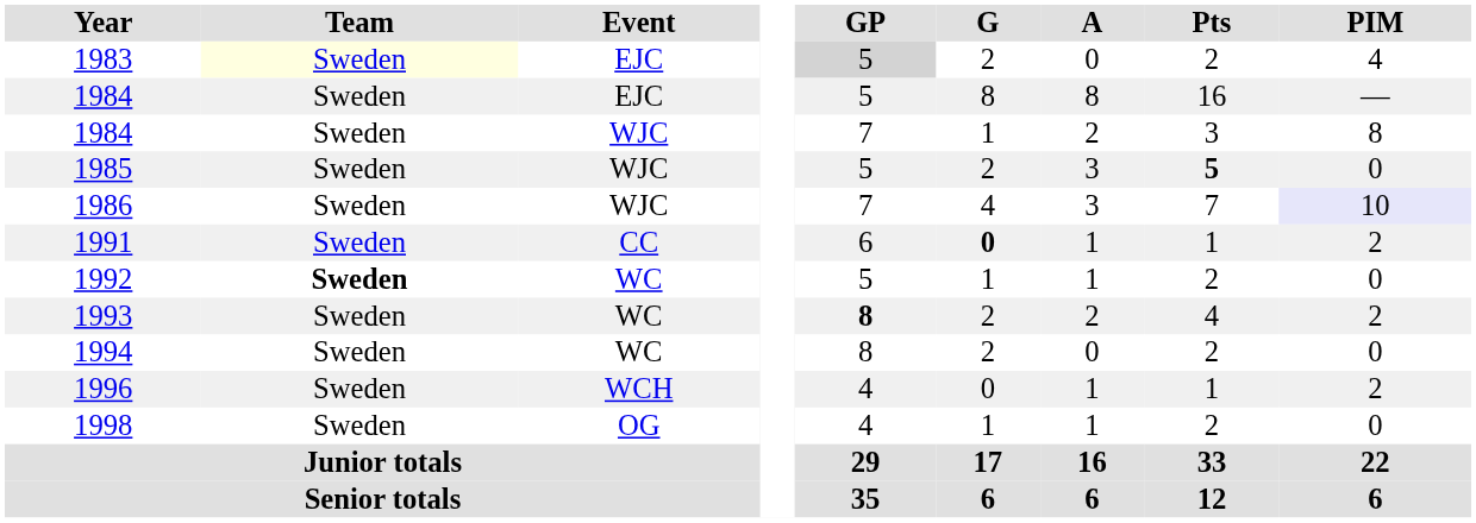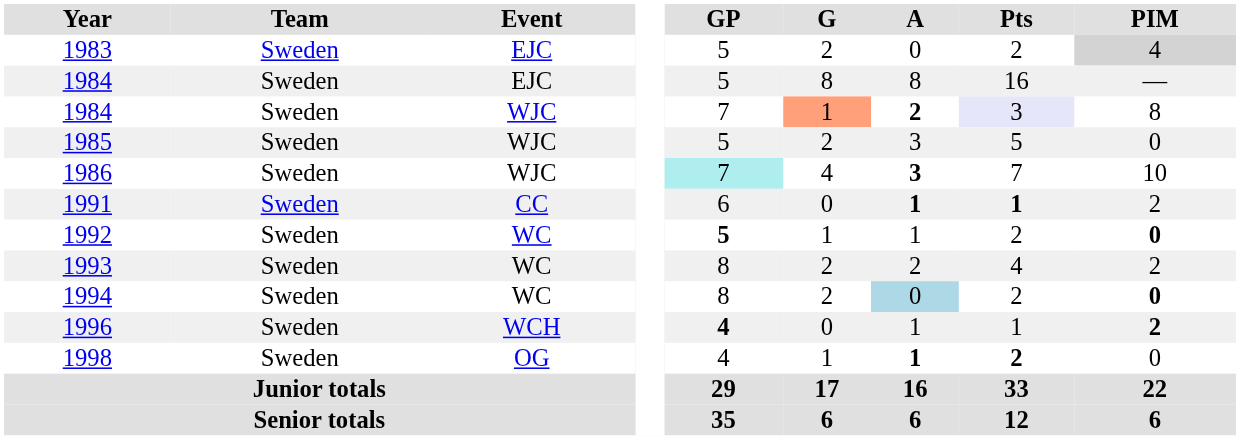 <table border="0" cellpadding="1" cellspacing="0" style="text-align:center; width:50em">
 <tr ALIGN="center" bgcolor="#e0e0e0">
 <th>Year</th>
 <th>Team</th>
 <th>Event</th>
 <th rowspan="99" bgcolor="#ffffff"> </th>
 <th>GP</th>
 <th>G</th>
 <th>A</th>
 <th>Pts</th>
 <th>PIM</th>
 </tr>
 <tr>
 <td><a href='#'>1983</a></td>
-<td style="background: lightyellow;"><a href='#'>Sweden</a></td>
+<td><a href='#'>Sweden</a></td>
 <td><a href='#'>EJC</a></td>
-<td style="background: lightgrey;">5</td>
+<td>5</td>
 <td>2</td>
 <td>0</td>
 <td>2</td>
-<td>4</td>
+<td style="background: lightgrey;">4</td>
 </tr>
 <tr bgcolor="#f0f0f0">
 <td><a href='#'>1984</a></td>
 <td>Sweden</td>
 <td>EJC</td>
 <td>5</td>
 <td>8</td>
 <td>8</td>
 <td>16</td>
 <td>—</td>
 </tr>
 <tr>
 <td><a href='#'>1984</a></td>
 <td>Sweden</td>
 <td><a href='#'>WJC</a></td>
 <td>7</td>
-<td>1</td>
-<td>2</td>
-<td>3</td>
+<td style="background: lightsalmon;">1</td>
+<td><strong>2</strong></td>
+<td style="background: lavender;">3</td>
 <td>8</td>
 </tr>
 <tr bgcolor="#f0f0f0">
 <td><a href='#'>1985</a></td>
 <td>Sweden</td>
 <td>WJC</td>
 <td>5</td>
 <td>2</td>
 <td>3</td>
-<td><strong>5</strong></td>
+<td>5</td>
 <td>0</td>
 </tr>
 <tr>
 <td><a href='#'>1986</a></td>
 <td>Sweden</td>
 <td>WJC</td>
+<td style="background: paleturquoise;">7</td>
+<td>4</td>
+<td><strong>3</strong></td>
 <td>7</td>
-<td>4</td>
-<td>3</td>
-<td>7</td>
-<td style="background: lavender;">10</td>
+<td>10</td>
 </tr>
 <tr bgcolor="#f0f0f0">
 <td><a href='#'>1991</a></td>
 <td><a href='#'>Sweden</a></td>
 <td><a href='#'>CC</a></td>
 <td>6</td>
-<td><strong>0</strong></td>
-<td>1</td>
-<td>1</td>
+<td>0</td>
+<td><strong>1</strong></td>
+<td><strong>1</strong></td>
 <td>2</td>
 </tr>
 <tr>
 <td><a href='#'>1992</a></td>
-<td><strong>Sweden</strong></td>
+<td>Sweden</td>
 <td><a href='#'>WC</a></td>
-<td>5</td>
+<td><strong>5</strong></td>
 <td>1</td>
 <td>1</td>
 <td>2</td>
-<td>0</td>
+<td><strong>0</strong></td>
 </tr>
 <tr bgcolor="#f0f0f0">
 <td><a href='#'>1993</a></td>
 <td>Sweden</td>
 <td>WC</td>
-<td><strong>8</strong></td>
+<td>8</td>
 <td>2</td>
 <td>2</td>
 <td>4</td>
 <td>2</td>
 </tr>
 <tr>
 <td><a href='#'>1994</a></td>
 <td>Sweden</td>
 <td>WC</td>
 <td>8</td>
 <td>2</td>
-<td>0</td>
+<td style="background: lightblue;">0</td>
 <td>2</td>
-<td>0</td>
+<td><strong>0</strong></td>
 </tr>
 <tr bgcolor="#f0f0f0">
 <td><a href='#'>1996</a></td>
 <td>Sweden</td>
 <td><a href='#'>WCH</a></td>
-<td>4</td>
+<td><strong>4</strong></td>
 <td>0</td>
 <td>1</td>
 <td>1</td>
-<td>2</td>
+<td><strong>2</strong></td>
 </tr>
 <tr>
 <td><a href='#'>1998</a></td>
 <td>Sweden</td>
 <td><a href='#'>OG</a></td>
 <td>4</td>
 <td>1</td>
-<td>1</td>
-<td>2</td>
+<td><strong>1</strong></td>
+<td><strong>2</strong></td>
 <td>0</td>
 </tr>
 <tr bgcolor="#e0e0e0">
 <th colspan=3>Junior totals</th>
 <th>29</th>
 <th>17</th>
 <th>16</th>
 <th>33</th>
 <th>22</th>
 </tr>
 <tr bgcolor="#e0e0e0">
 <th colspan=3>Senior totals</th>
 <th>35</th>
 <th>6</th>
 <th>6</th>
 <th>12</th>
 <th>6</th>
 </tr>
 </table>
